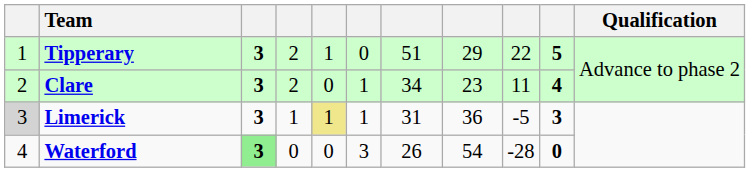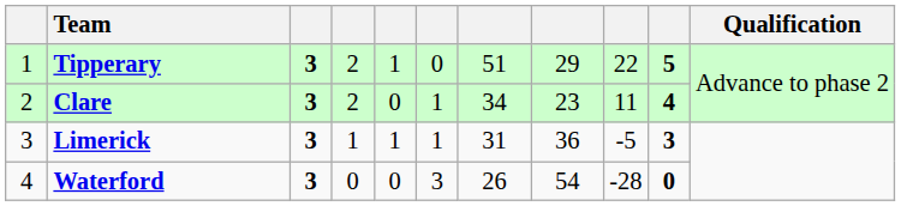 <table class="wikitable" style="text-align:center">
 <tr>
 <th width=20></th>
 <th width=150 style="text-align:left;">Team</th>
 <th width=20></th>
 <th width=20></th>
 <th width=20></th>
 <th width=20></th>
 <th width=40></th>
 <th width=40></th>
 <th width=20></th>
 <th width=20></th>
 <th>Qualification</th>
 </tr>
 <tr style="background:#ccffcc">
 <td>1</td>
 <td align=left><strong> <a href='#'>Tipperary</a> </strong></td>
 <td><strong>3</strong></td>
 <td>2</td>
 <td>1</td>
 <td>0</td>
 <td>51</td>
 <td>29</td>
 <td>22</td>
 <td><strong>5</strong></td>
 <td rowspan=2>Advance to phase 2</td>
 </tr>
 <tr style="background:#ccffcc">
 <td>2</td>
 <td align=left><strong> <a href='#'>Clare</a> </strong></td>
 <td><strong>3</strong></td>
 <td>2</td>
 <td>0</td>
 <td>1</td>
 <td>34</td>
 <td>23</td>
 <td>11</td>
 <td><strong>4</strong></td>
 </tr>
 <tr>
-<td style="background: lightgrey;">3</td>
+<td>3</td>
 <td align=left><strong> <a href='#'>Limerick</a> </strong></td>
 <td><strong>3</strong></td>
 <td>1</td>
-<td style="background: khaki;">1</td>
+<td>1</td>
 <td>1</td>
 <td>31</td>
 <td>36</td>
 <td>-5</td>
 <td><strong>3</strong></td>
 <td rowspan="2"></td>
 </tr>
 <tr>
 <td>4</td>
 <td align=left><strong> <a href='#'>Waterford</a> </strong></td>
-<td style="background: lightgreen;"><strong>3</strong></td>
+<td><strong>3</strong></td>
 <td>0</td>
 <td>0</td>
 <td>3</td>
 <td>26</td>
 <td>54</td>
 <td>-28</td>
 <td><strong>0</strong></td>
 </tr>
 </table>
